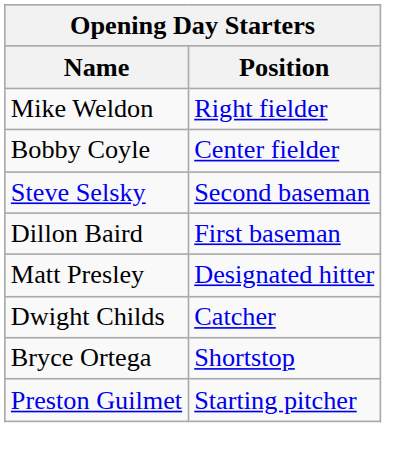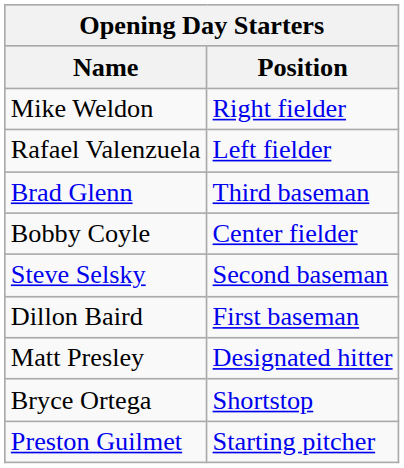 <table class="wikitable" style="text-align:left">
 <tr>
 <th colspan="2">Opening Day Starters</th>
 </tr>
 <tr>
 <th>Name</th>
 <th>Position</th>
 </tr>
 <tr>
 <td>Mike Weldon</td>
 <td><a href='#'>Right fielder</a></td>
+</tr>
+<tr>
+<td>Rafael Valenzuela</td>
+<td><a href='#'>Left fielder</a></td>
+</tr>
+<tr>
+<td><a href='#'>Brad Glenn</a></td>
+<td><a href='#'>Third baseman</a></td>
 </tr>
 <tr>
 <td>Bobby Coyle</td>
 <td><a href='#'>Center fielder</a></td>
 </tr>
 <tr>
 <td><a href='#'>Steve Selsky</a></td>
 <td><a href='#'>Second baseman</a></td>
 </tr>
 <tr>
 <td>Dillon Baird</td>
 <td><a href='#'>First baseman</a></td>
 </tr>
 <tr>
 <td>Matt Presley</td>
 <td><a href='#'>Designated hitter</a></td>
 </tr>
 <tr>
-<td>Dwight Childs</td>
-<td><a href='#'>Catcher</a></td>
-</tr>
-<tr>
 <td>Bryce Ortega</td>
 <td><a href='#'>Shortstop</a></td>
 </tr>
 <tr>
 <td><a href='#'>Preston Guilmet</a></td>
 <td><a href='#'>Starting pitcher</a></td>
 </tr>
 </table>
